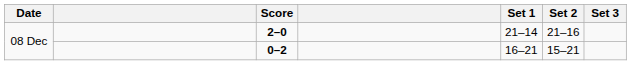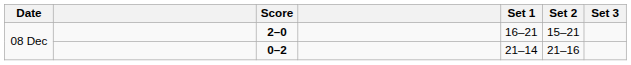 <table class="wikitable" style="text-align: center;">
 <tr>
 <th width="60">Date</th>
 <th align="right" width="270"></th>
 <th width="50">Score</th>
 <th align="left" width="270"></th>
 <th width="50">Set 1</th>
 <th width="50">Set 2</th>
 <th width="50">Set 3</th>
 </tr>
 <tr>
 <td rowspan=2>08 Dec</td>
 <td align=left><strong></strong></td>
 <td align=center><strong>2–0</strong></td>
 <td align=left></td>
-<td>21–14</td>
-<td>21–16</td>
+<td>16–21</td>
+<td>15–21</td>
 <td></td>
 </tr>
 <tr>
 <td align=left></td>
 <td align=center><strong>0–2</strong></td>
 <td align=left><strong></strong></td>
-<td>16–21</td>
-<td>15–21</td>
+<td>21–14</td>
+<td>21–16</td>
 <td></td>
 </tr>
 </table>
